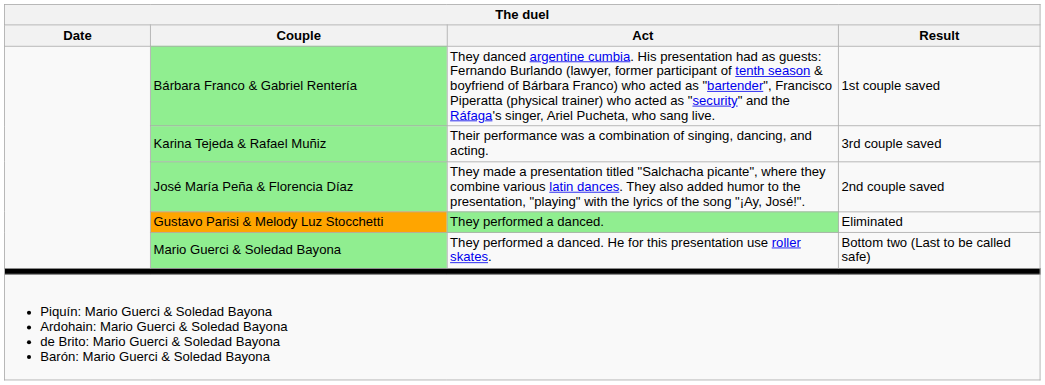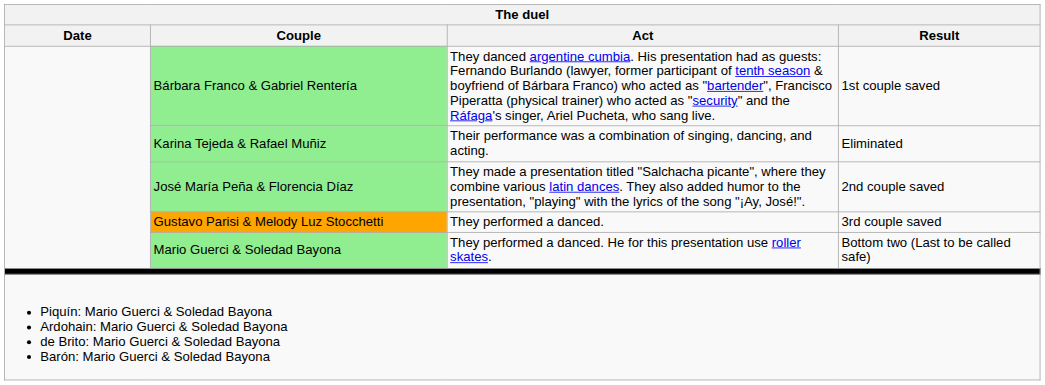 <table class="wikitable collapsible collapsed" style="text-align: align; width: 100%;">
 <tr>
 <th colspan="11" style="with: 100%;" align="center">The duel</th>
 </tr>
 <tr>
 <th width=85>Date</th>
 <th width=180>Couple</th>
 <th width=240>Act</th>
 <th width=120>Result</th>
 </tr>
 <tr>
 <td rowspan="5"></td>
 <td bgcolor="lightgreen">Bárbara Franco & Gabriel Rentería</td>
 <td>They danced <a href='#'>argentine cumbia</a>. His presentation had as guests: Fernando Burlando (lawyer, former participant of <a href='#'>tenth season</a> & boyfriend of Bárbara Franco) who acted as "<a href='#'>bartender</a>", Francisco Piperatta (physical trainer) who acted as "<a href='#'>security</a>" and the <a href='#'>Ráfaga</a>'s singer, Ariel Pucheta, who sang live.<br></td>
 <td>1st couple saved</td>
 </tr>
 <tr>
 <td bgcolor="lightgreen">Karina Tejeda & Rafael Muñiz</td>
 <td>Their performance was a combination of singing, dancing, and acting.<br></td>
-<td>3rd couple saved</td>
+<td>Eliminated</td>
 </tr>
 <tr>
 <td bgcolor="lightgreen">José María Peña & Florencia Díaz</td>
 <td>They made a presentation titled "Salchacha picante", where they combine various <a href='#'>latin dances</a>. They also added humor to the presentation, "playing" with the lyrics of the song "¡Ay, José!".<br></td>
 <td>2nd couple saved</td>
 </tr>
 <tr>
 <td bgcolor="orange">Gustavo Parisi & Melody Luz Stocchetti</td>
-<td style="background: lightgreen;">They performed a danced.<br></td>
-<td>Eliminated</td>
+<td>They performed a danced.<br></td>
+<td>3rd couple saved</td>
 </tr>
 <tr>
 <td bgcolor="lightgreen">Mario Guerci & Soledad Bayona</td>
 <td>They performed a danced. He for this presentation use <a href='#'>roller skates</a>.<br></td>
 <td>Bottom two (Last to be called safe)</td>
 </tr>
 <tr>
 <th style="background:black" colspan="4"></th>
 </tr>
 <tr>
 <td colspan="4"><br><ul><li>Piquín: Mario Guerci & Soledad Bayona</li><li>Ardohain: Mario Guerci & Soledad Bayona</li><li>de Brito: Mario Guerci & Soledad Bayona</li><li>Barón: Mario Guerci & Soledad Bayona</li></ul></td>
 </tr>
 </table>
